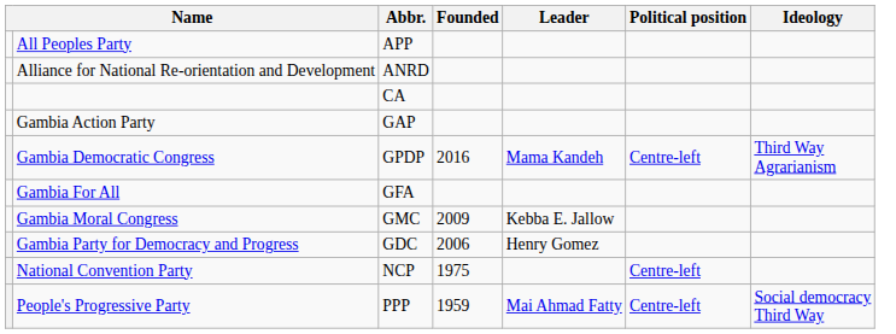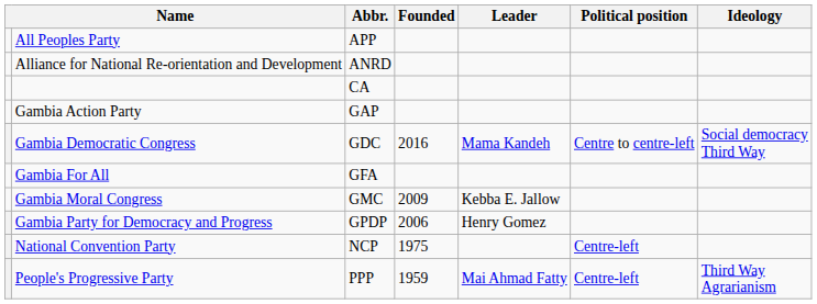 <table class="wikitable mw-datatable">
 <tr>
 <th colspan=2>Name</th>
 <th>Abbr.</th>
 <th>Founded</th>
 <th>Leader</th>
 <th>Political position</th>
 <th>Ideology</th>
 </tr>
 <tr>
 <td></td>
 <td><a href='#'>All Peoples Party</a></td>
 <td>APP</td>
 <td></td>
 <td></td>
 <td></td>
 <td></td>
 </tr>
 <tr>
 <td></td>
 <td>Alliance for National Re-orientation and Development</td>
 <td>ANRD</td>
 <td></td>
 <td></td>
 <td></td>
 <td></td>
 </tr>
 <tr>
 <td></td>
 <td></td>
 <td>CA</td>
 <td></td>
 <td></td>
 <td></td>
 <td></td>
 </tr>
 <tr>
 <td></td>
 <td>Gambia Action Party</td>
 <td>GAP</td>
 <td></td>
 <td></td>
 <td></td>
 <td></td>
 </tr>
 <tr>
 <th style="background-color:"></th>
 <td><a href='#'>Gambia Democratic Congress</a></td>
-<td>GPDP</td>
+<td>GDC</td>
 <td>2016</td>
 <td><a href='#'>Mama Kandeh</a></td>
-<td><a href='#'>Centre-left</a></td>
-<td><a href='#'>Third Way</a><br><a href='#'>Agrarianism</a></td>
+<td><a href='#'>Centre</a> to <a href='#'>centre-left</a></td>
+<td><a href='#'>Social democracy</a><br><a href='#'>Third Way</a></td>
 </tr>
 <tr>
 <td></td>
 <td><a href='#'>Gambia For All</a></td>
 <td>GFA</td>
 <td></td>
 <td></td>
 <td></td>
 <td></td>
 </tr>
 <tr>
 <td></td>
 <td><a href='#'>Gambia Moral Congress</a></td>
 <td>GMC</td>
 <td>2009</td>
 <td>Kebba E. Jallow</td>
 <td></td>
 <td></td>
 </tr>
 <tr>
 <th style="background-color:"></th>
 <td><a href='#'>Gambia Party for Democracy and Progress</a></td>
-<td>GDC</td>
+<td>GPDP</td>
 <td>2006</td>
 <td>Henry Gomez</td>
 <td></td>
 <td></td>
 </tr>
 <tr>
 <th style="background-color:"></th>
 <td><a href='#'>National Convention Party</a></td>
 <td>NCP</td>
 <td>1975</td>
 <td></td>
 <td><a href='#'>Centre-left</a></td>
 <td></td>
 </tr>
 <tr>
 <th style="background-color:"></th>
 <td><a href='#'>People's Progressive Party</a></td>
 <td>PPP</td>
 <td>1959</td>
 <td><a href='#'>Mai Ahmad Fatty</a></td>
 <td><a href='#'>Centre-left</a></td>
-<td><a href='#'>Social democracy</a><br><a href='#'>Third Way</a></td>
+<td><a href='#'>Third Way</a><br><a href='#'>Agrarianism</a></td>
 </tr>
 </table>
